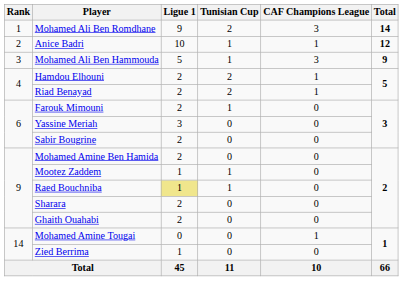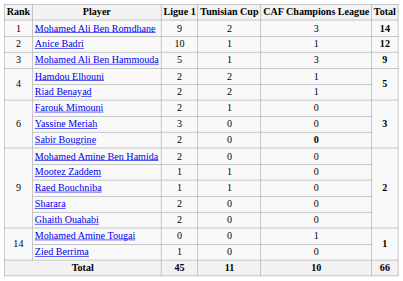 <table class="wikitable" style="text-align:center;">
 <tr>
 <th>Rank</th>
 <th>Player</th>
 <th>Ligue 1</th>
 <th>Tunisian Cup</th>
 <th>CAF Champions League</th>
 <th>Total</th>
 </tr>
 <tr>
 <td rowspan="1">1</td>
 <td align=left> <a href='#'>Mohamed Ali Ben Romdhane</a></td>
 <td>9</td>
 <td>2</td>
 <td>3</td>
 <td rowspan="1"><strong>14</strong></td>
 </tr>
 <tr>
 <td rowspan="1">2</td>
 <td align=left> <a href='#'>Anice Badri</a></td>
 <td>10</td>
 <td>1</td>
 <td>1</td>
 <td rowspan="1"><strong>12</strong></td>
 </tr>
 <tr>
 <td rowspan="1">3</td>
 <td align=left> <a href='#'>Mohamed Ali Ben Hammouda</a></td>
 <td>5</td>
 <td>1</td>
 <td>3</td>
 <td rowspan="1"><strong>9</strong></td>
 </tr>
 <tr>
 <td rowspan="2">4</td>
 <td align=left> <a href='#'>Hamdou Elhouni</a></td>
 <td>2</td>
 <td>2</td>
 <td>1</td>
 <td rowspan="2"><strong>5</strong></td>
 </tr>
 <tr>
 <td align=left> <a href='#'>Riad Benayad</a></td>
 <td>2</td>
 <td>2</td>
 <td>1</td>
 </tr>
 <tr>
 <td rowspan="3">6</td>
 <td align=left> <a href='#'>Farouk Mimouni</a></td>
 <td>2</td>
 <td>1</td>
 <td>0</td>
 <td rowspan="3"><strong>3</strong></td>
 </tr>
 <tr>
 <td align=left> <a href='#'>Yassine Meriah</a></td>
 <td>3</td>
 <td>0</td>
 <td>0</td>
 </tr>
 <tr>
 <td align=left> <a href='#'>Sabir Bougrine</a></td>
 <td>2</td>
 <td>0</td>
-<td>0</td>
+<td><strong>0</strong></td>
 </tr>
 <tr>
 <td rowspan="5">9</td>
 <td align=left> <a href='#'>Mohamed Amine Ben Hamida</a></td>
 <td>2</td>
 <td>0</td>
 <td>0</td>
 <td rowspan="5"><strong>2</strong></td>
 </tr>
 <tr>
 <td align=left> <a href='#'>Mootez Zaddem</a></td>
 <td>1</td>
 <td>1</td>
 <td>0</td>
 </tr>
 <tr>
 <td align=left> <a href='#'>Raed Bouchniba</a></td>
-<td style="background: khaki;">1</td>
+<td>1</td>
 <td>1</td>
 <td>0</td>
 </tr>
 <tr>
 <td align=left> <a href='#'>Sharara</a></td>
 <td>2</td>
 <td>0</td>
 <td>0</td>
 </tr>
 <tr>
 <td align=left> <a href='#'>Ghaith Ouahabi</a></td>
 <td>2</td>
 <td>0</td>
 <td>0</td>
 </tr>
 <tr>
 <td rowspan="2">14</td>
 <td align=left> <a href='#'>Mohamed Amine Tougai</a></td>
 <td>0</td>
 <td>0</td>
 <td>1</td>
 <td rowspan="2"><strong>1</strong></td>
 </tr>
 <tr>
 <td align=left> <a href='#'>Zied Berrima</a></td>
 <td>1</td>
 <td>0</td>
 <td>0</td>
 </tr>
 <tr>
 <th colspan=2>Total</th>
 <th>45</th>
 <th>11</th>
 <th>10</th>
 <th>66</th>
 </tr>
 </table>
